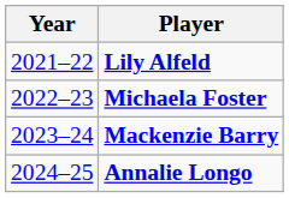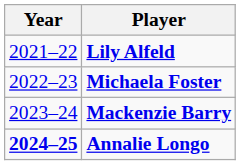 <table class="wikitable" border="1">
 <tr>
 <th>Year</th>
 <th>Player</th>
 </tr>
 <tr>
 <td><a href='#'>2021–22</a></td>
 <td style="text-align:left;"> <strong><a href='#'>Lily Alfeld</a></strong></td>
 </tr>
 <tr>
 <td><a href='#'>2022–23</a></td>
 <td style="text-align:left;"> <strong><a href='#'>Michaela Foster</a></strong></td>
 </tr>
 <tr>
 <td><a href='#'>2023–24</a></td>
 <td> <strong><a href='#'>Mackenzie Barry</a></strong></td>
 </tr>
 <tr>
-<td><a href='#'>2024–25</a></td>
+<td><strong><a href='#'>2024–25</a></strong></td>
 <td> <strong><a href='#'>Annalie Longo</a></strong></td>
 </tr>
 </table>
